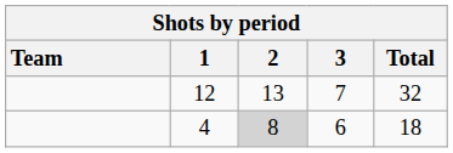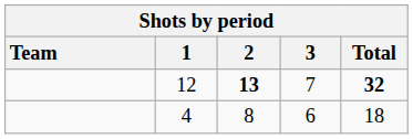 <table class="wikitable" style="width:20em;">
 <tr>
 <th colspan="6">Shots by period</th>
 </tr>
 <tr>
 <th style="width:8em; text-align:left;">Team</th>
 <th style="width:3em;">1</th>
 <th style="width:3em;">2</th>
 <th style="width:3em;">3</th>
 <th style="width:3em;">Total</th>
 </tr>
 <tr style="text-align:center;">
 <td style="text-align:left;"></td>
 <td>12</td>
-<td>13</td>
+<td><strong>13</strong></td>
 <td>7</td>
-<td>32</td>
+<td><strong>32</strong></td>
 </tr>
 <tr style="text-align:center;">
 <td style="text-align:left;"></td>
 <td>4</td>
-<td style="background: lightgrey;">8</td>
+<td>8</td>
 <td>6</td>
 <td>18</td>
 </tr>
 </table>
